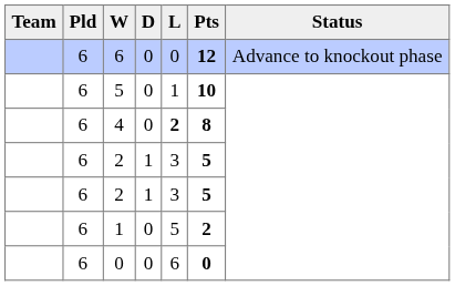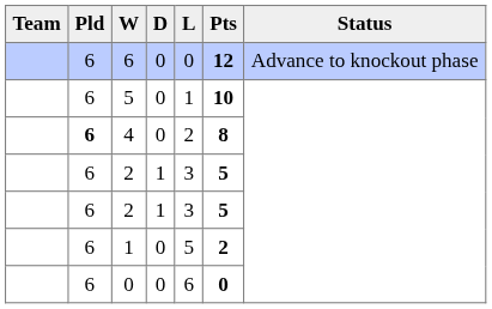 <table style=border-collapse:collapse border=1 cellspacing=0 cellpadding=5>
 <tr align=center bgcolor=#efefef>
 <th>Team</th>
 <th>Pld</th>
 <th>W</th>
 <th>D</th>
 <th>L</th>
 <th>Pts</th>
 <th>Status</th>
 </tr>
 <tr align=center style="background:#bbccff;">
 <td style="text-align:left;"> </td>
 <td>6</td>
 <td>6</td>
 <td>0</td>
 <td>0</td>
 <td><strong>12</strong></td>
 <td rowspan=1>Advance to knockout phase</td>
 </tr>
 <tr align=center style="background:#FFFFFF;">
 <td style="text-align:left;"> </td>
 <td>6</td>
 <td>5</td>
 <td>0</td>
 <td>1</td>
 <td><strong>10</strong></td>
 <td rowspan=6></td>
 </tr>
 <tr align=center style="background:#FFFFFF;">
 <td style="text-align:left;"> </td>
-<td>6</td>
+<td><strong>6</strong></td>
 <td>4</td>
 <td>0</td>
-<td><strong>2</strong></td>
+<td>2</td>
 <td><strong>8</strong></td>
 </tr>
 <tr align=center style="background:#FFFFFF;">
 <td style="text-align:left;"> </td>
 <td>6</td>
 <td>2</td>
 <td>1</td>
 <td>3</td>
 <td><strong>5</strong></td>
 </tr>
 <tr align=center style="background:#FFFFFF;">
 <td style="text-align:left;"> </td>
 <td>6</td>
 <td>2</td>
 <td>1</td>
 <td>3</td>
 <td><strong>5</strong></td>
 </tr>
 <tr align=center style="background:#FFFFFF;">
 <td style="text-align:left;"> </td>
 <td>6</td>
 <td>1</td>
 <td>0</td>
 <td>5</td>
 <td><strong>2</strong></td>
 </tr>
 <tr align=center style="background:#FFFFFF;">
 <td style="text-align:left;"> </td>
 <td>6</td>
 <td>0</td>
 <td>0</td>
 <td>6</td>
 <td><strong>0</strong></td>
 </tr>
 </table>
